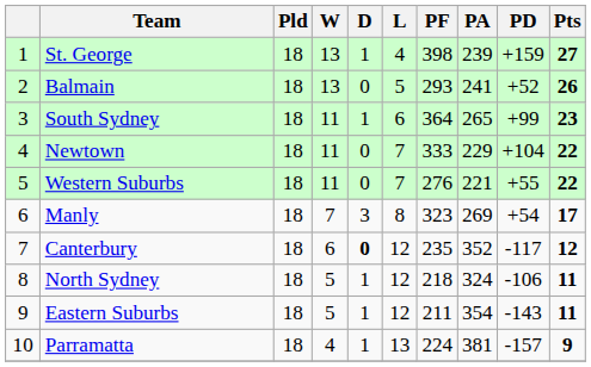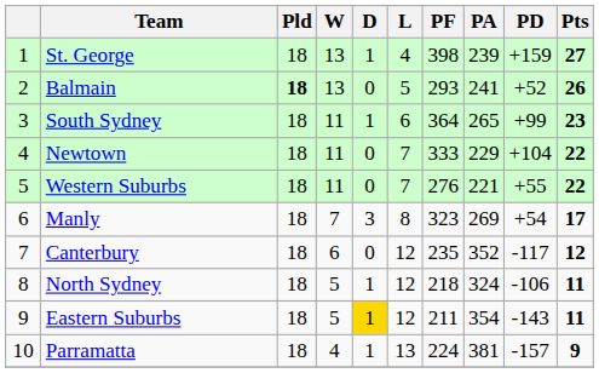 <table class="wikitable" style="text-align:center;">
 <tr>
 <th width=20 abbr="Position×"></th>
 <th width=175>Team</th>
 <th width=20 abbr="Played">Pld</th>
 <th width=20 abbr="Won">W</th>
 <th width=20 abbr="Drawn">D</th>
 <th width=20 abbr="Lost">L</th>
 <th width=20 abbr="Points for">PF</th>
 <th width=20 abbr="Points against">PA</th>
 <th width=20 abbr="Points difference">PD</th>
 <th width=20 abbr="Points">Pts</th>
 </tr>
 <tr style="background: #ccffcc;">
 <td>1</td>
 <td style="text-align:left;"> <a href='#'>St. George</a></td>
 <td>18</td>
 <td>13</td>
 <td>1</td>
 <td>4</td>
 <td>398</td>
 <td>239</td>
 <td>+159</td>
 <td><strong>27</strong></td>
 </tr>
 <tr style="background: #ccffcc;">
 <td>2</td>
 <td style="text-align:left;"> <a href='#'>Balmain</a></td>
-<td>18</td>
+<td><strong>18</strong></td>
 <td>13</td>
 <td>0</td>
 <td>5</td>
 <td>293</td>
 <td>241</td>
 <td>+52</td>
 <td><strong>26</strong></td>
 </tr>
 <tr style="background: #ccffcc;">
 <td>3</td>
 <td style="text-align:left;"> <a href='#'>South Sydney</a></td>
 <td>18</td>
 <td>11</td>
 <td>1</td>
 <td>6</td>
 <td>364</td>
 <td>265</td>
 <td>+99</td>
 <td><strong>23</strong></td>
 </tr>
 <tr style="background: #ccffcc;">
 <td>4</td>
 <td style="text-align:left;"> <a href='#'>Newtown</a></td>
 <td>18</td>
 <td>11</td>
 <td>0</td>
 <td>7</td>
 <td>333</td>
 <td>229</td>
 <td>+104</td>
 <td><strong>22</strong></td>
 </tr>
 <tr style="background: #ccffcc;">
 <td>5</td>
 <td style="text-align:left;"> <a href='#'>Western Suburbs</a></td>
 <td>18</td>
 <td>11</td>
 <td>0</td>
 <td>7</td>
 <td>276</td>
 <td>221</td>
 <td>+55</td>
 <td><strong>22</strong></td>
 </tr>
 <tr>
 <td>6</td>
 <td style="text-align:left;"> <a href='#'>Manly</a></td>
 <td>18</td>
 <td>7</td>
 <td>3</td>
 <td>8</td>
 <td>323</td>
 <td>269</td>
 <td>+54</td>
 <td><strong>17</strong></td>
 </tr>
 <tr>
 <td>7</td>
 <td style="text-align:left;"> <a href='#'>Canterbury</a></td>
 <td>18</td>
 <td>6</td>
-<td><strong>0</strong></td>
+<td>0</td>
 <td>12</td>
 <td>235</td>
 <td>352</td>
 <td>-117</td>
 <td><strong>12</strong></td>
 </tr>
 <tr>
 <td>8</td>
 <td style="text-align:left;"> <a href='#'>North Sydney</a></td>
 <td>18</td>
 <td>5</td>
 <td>1</td>
 <td>12</td>
 <td>218</td>
 <td>324</td>
 <td>-106</td>
 <td><strong>11</strong></td>
 </tr>
 <tr>
 <td>9</td>
 <td style="text-align:left;"> <a href='#'>Eastern Suburbs</a></td>
 <td>18</td>
 <td>5</td>
-<td>1</td>
+<td style="background: gold;">1</td>
 <td>12</td>
 <td>211</td>
 <td>354</td>
 <td>-143</td>
 <td><strong>11</strong></td>
 </tr>
 <tr>
 <td>10</td>
 <td style="text-align:left;"> <a href='#'>Parramatta</a></td>
 <td>18</td>
 <td>4</td>
 <td>1</td>
 <td>13</td>
 <td>224</td>
 <td>381</td>
 <td>-157</td>
 <td><strong>9</strong></td>
 </tr>
 <tr>
 </tr>
 </table>
